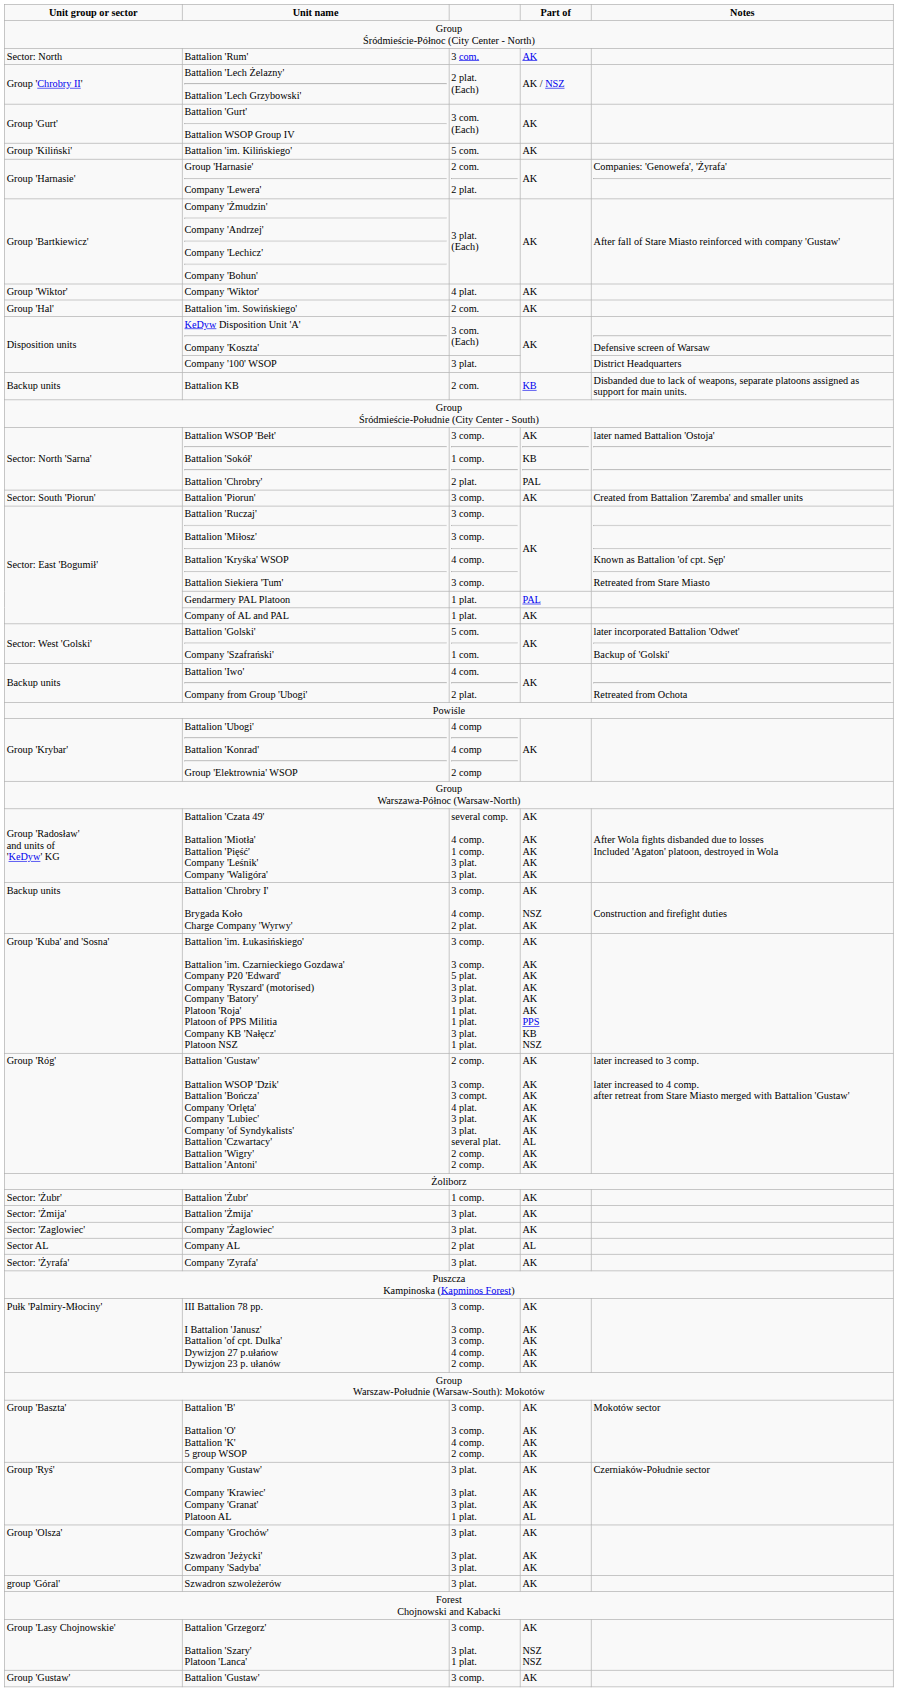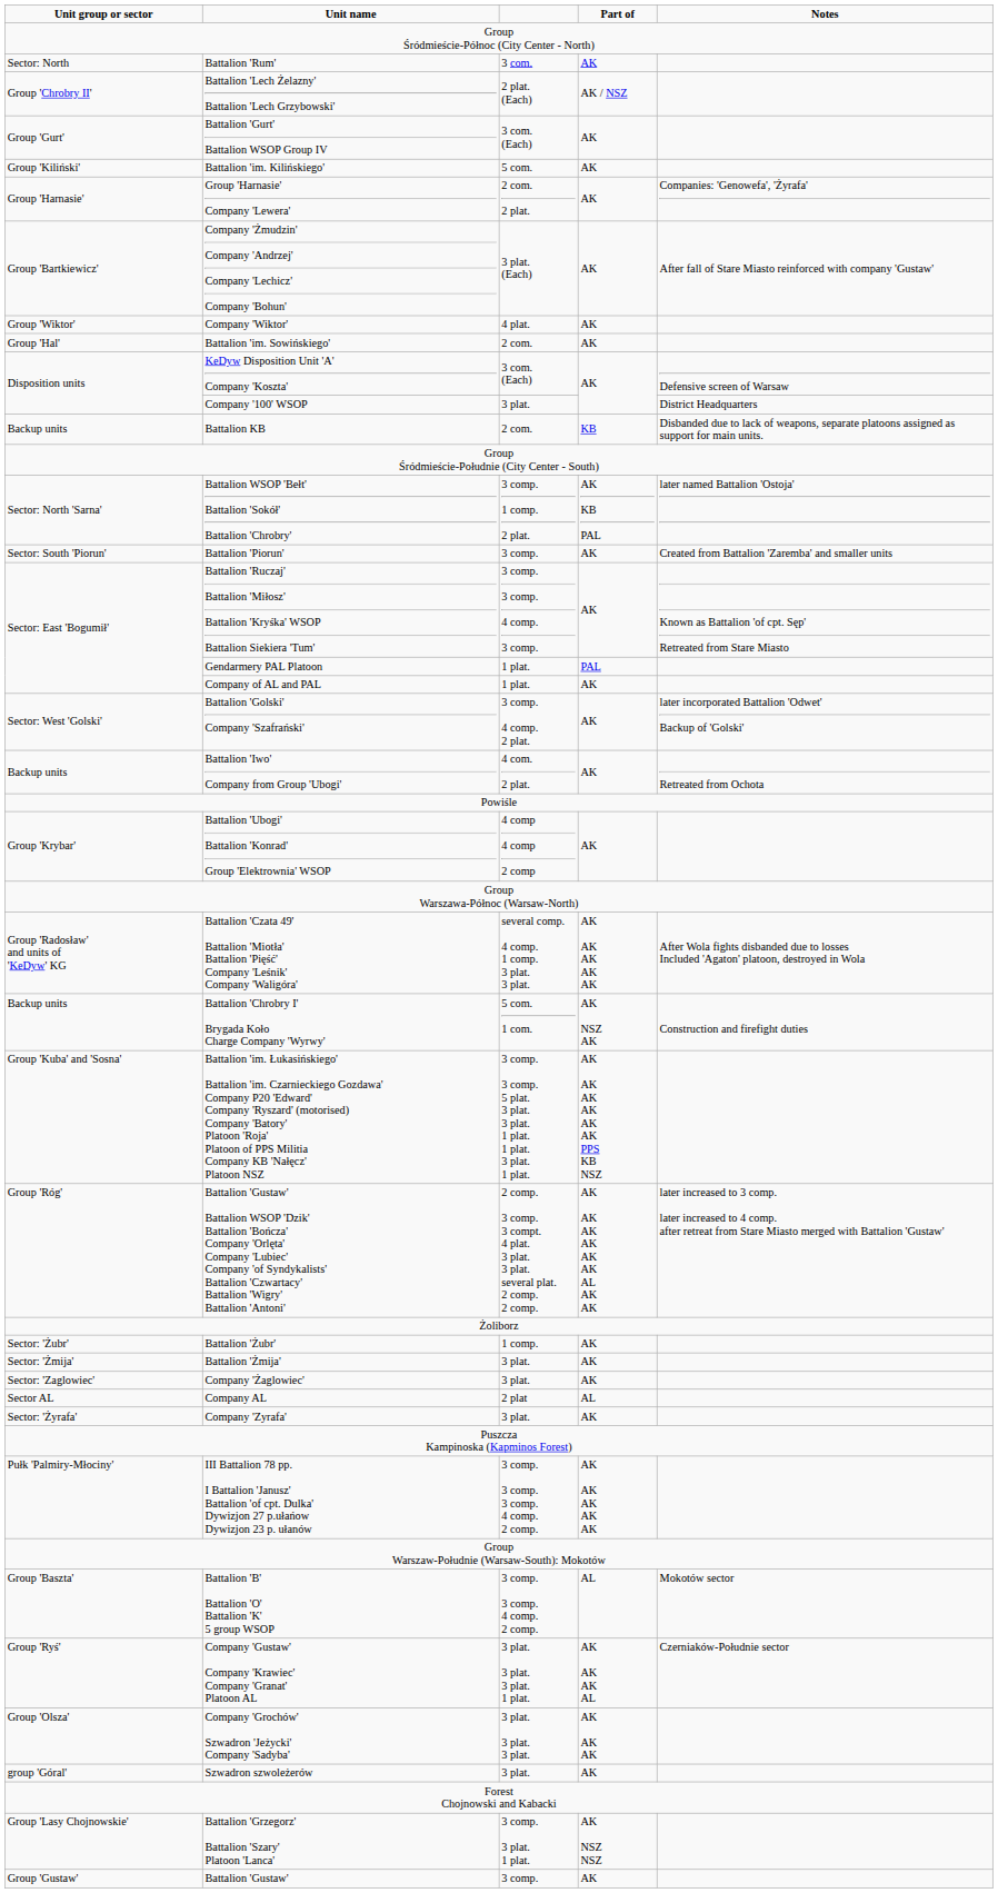 <table class="wikitable" style="width:110%">
 <tr align="center">
 <td style="width: 20%; vertical-align: center;"><strong>Unit group or sector</strong></td>
 <td style="width: 30%; vertical-align: top;"><strong>Unit name</strong></td>
 <td style="width: 8%; vertical-align: top;"><strong></strong></td>
 <td style="width: 8%; vertical-align: top;"><strong>Part of</strong></td>
 <td style="width: 34%; vertical-align: top;"><strong>Notes</strong></td>
 </tr>
 <tr align="center">
 <td colspan="5" rowspan="1" style="vertical-align: top;">Group<br>Śródmieście-Północ (City Center - North)</td>
 </tr>
 <tr>
 <td style="vertical-align: top;">Sector: North</td>
 <td style="vertical-align: top;">Battalion 'Rum'</td>
 <td style="vertical-align: top;">3 <a href='#'>com.</a></td>
 <td style="vertical-align: top;"><a href='#'>AK</a></td>
 <td style="vertical-align: top;"></td>
 </tr>
 <tr>
 <td style="vertical-align: center;">Group '<a href='#'>Chrobry II</a>'</td>
 <td style="vertical-align: top;">Battalion 'Lech Żelazny'<hr>Battalion 'Lech Grzybowski'</td>
 <td style="vertical-align: center;">2 plat.<br>(Each)</td>
 <td style="vertical-align: center;">AK / <a href='#'>NSZ</a></td>
 <td style="vertical-align: top;"></td>
 </tr>
 <tr>
 <td style="vertical-align: center;">Group 'Gurt'</td>
 <td style="vertical-align: top;">Battalion 'Gurt'<hr>Battalion WSOP Group IV</td>
 <td style="vertical-align: center;">3 com.<br>(Each)</td>
 <td style="vertical-align: center;">AK</td>
 <td style="vertical-align: top;"></td>
 </tr>
 <tr>
 <td style="vertical-align: top;">Group 'Kiliński'</td>
 <td style="vertical-align: top;">Battalion 'im. Kilińskiego'</td>
 <td style="vertical-align: center;">5 com.</td>
 <td style="vertical-align: top;">AK</td>
 <td style="vertical-align: top;"></td>
 </tr>
 <tr>
 <td style="vertical-align: center;">Group 'Harnasie'</td>
 <td style="vertical-align: top;">Group 'Harnasie'<hr>Company 'Lewera'</td>
 <td style="vertical-align: top;">2 com.<hr>2 plat.</td>
 <td style="vertical-align: center;">AK</td>
 <td style="vertical-align: top;">Companies: 'Genowefa', 'Żyrafa'<hr></td>
 </tr>
 <tr>
 <td style="vertical-align: center;">Group 'Bartkiewicz'</td>
 <td style="vertical-align: top;">Company 'Żmudzin'<hr>Company 'Andrzej'<hr>Company 'Lechicz'<hr>Company 'Bohun'</td>
 <td style="vertical-align: center;">3 plat.<br>(Each)</td>
 <td style="vertical-align: center;">AK</td>
 <td style="vertical-align: center;">After fall of Stare Miasto reinforced with company 'Gustaw'</td>
 </tr>
 <tr>
 <td style="vertical-align: top;">Group 'Wiktor'</td>
 <td style="vertical-align: top;">Company 'Wiktor'</td>
 <td style="vertical-align: top;">4 plat.</td>
 <td style="vertical-align: top;">AK</td>
 <td style="vertical-align: top;"></td>
 </tr>
 <tr>
 <td style="vertical-align: center;">Group 'Hal'</td>
 <td style="vertical-align: center;">Battalion 'im. Sowińskiego'</td>
 <td style="vertical-align: center;">2 com.</td>
 <td style="vertical-align: center;">AK</td>
 <td style="vertical-align: center;"></td>
 </tr>
 <tr>
 <td rowspan="2" style="vertical-align: center;">Disposition units</td>
 <td style="vertical-align: top;"><a href='#'>KeDyw</a> Disposition Unit 'A'<hr>Company 'Koszta'</td>
 <td style="vertical-align: center;">3 com.<br>(Each)</td>
 <td rowspan="2" style="vertical-align: center;">AK</td>
 <td style="vertical-align: top;"> <hr>Defensive screen of Warsaw</td>
 </tr>
 <tr>
 <td style="vertical-align: top;">Company '100' WSOP</td>
 <td style="vertical-align: top;">3 plat.</td>
 <td style="vertical-align: top;">District Headquarters</td>
 </tr>
 <tr>
 <td style="vertical-align: center;">Backup units</td>
 <td style="vertical-align: center;">Battalion KB</td>
 <td style="vertical-align: center;">2 com.</td>
 <td style="vertical-align: center;"><a href='#'>KB</a></td>
 <td style="vertical-align: center;">Disbanded due to lack of weapons, separate platoons assigned as support for main units.</td>
 </tr>
 <tr align="center">
 <td colspan="5" rowspan="1" style="vertical-align: top;">Group<br>Śródmieście-Południe (City Center - South)</td>
 </tr>
 <tr>
 <td style="vertical-align: center;">Sector: North 'Sarna'</td>
 <td style="vertical-align: top;">Battalion WSOP 'Bełt'<hr>Battalion 'Sokół'<hr>Battalion 'Chrobry'</td>
 <td style="vertical-align: top;">3 comp.<hr>1 comp.<hr>2 plat.</td>
 <td style="vertical-align: top;">AK<hr>KB<hr>PAL</td>
 <td style="vertical-align: top;">later named Battalion 'Ostoja'<hr> <hr></td>
 </tr>
 <tr>
 <td style="vertical-align: center;">Sector: South 'Piorun'</td>
 <td style="vertical-align: center;">Battalion 'Piorun'</td>
 <td style="vertical-align: center;">3 comp.</td>
 <td style="vertical-align: center;">AK</td>
 <td style="vertical-align: top;">Created from Battalion 'Zaremba' and smaller units</td>
 </tr>
 <tr>
 <td rowspan="3" style="vertical-align: center;">Sector: East 'Bogumił'</td>
 <td style="vertical-align: top;">Battalion 'Ruczaj'<hr>Battalion 'Miłosz'<hr>Battalion 'Kryśka' WSOP<hr>Battalion Siekiera 'Tum'</td>
 <td style="vertical-align: top;">3 comp.<hr>3 comp.<hr>4 comp.<hr>3 comp.</td>
 <td style="vertical-align: center;">AK</td>
 <td style="vertical-align: top;"> <hr> <hr>Known as Battalion 'of cpt. Sęp'<hr>Retreated from Stare Miasto</td>
 </tr>
 <tr>
 <td style="vertical-align: top;">Gendarmery PAL Platoon</td>
 <td style="vertical-align: top;">1 plat.</td>
 <td style="vertical-align: top;"><a href='#'>PAL</a></td>
 <td style="vertical-align: top;"></td>
 </tr>
 <tr>
 <td style="vertical-align: top;">Company of AL and PAL</td>
 <td style="vertical-align: top;">1 plat.</td>
 <td style="vertical-align: top;">AK<br></td>
 <td style="vertical-align: top;"></td>
 </tr>
 <tr>
 <td style="vertical-align: center;">Sector: West 'Golski'</td>
 <td style="vertical-align: top;">Battalion 'Golski'<hr>Company 'Szafrański'</td>
-<td style="vertical-align: top;">5 com.<hr>1 com.</td>
+<td style="vertical-align: top;">3 comp.<br><br>4 comp.<br> 2 plat.<br></td>
 <td style="vertical-align: center;">AK</td>
 <td style="vertical-align: top;">later incorporated Battalion 'Odwet'<hr>Backup of 'Golski'</td>
 </tr>
 <tr>
 <td style="vertical-align: center;">Backup units</td>
 <td style="vertical-align: top;">Battalion 'Iwo'<hr>Company from Group 'Ubogi'<br></td>
 <td style="vertical-align: top;">4 com.<hr>2 plat.</td>
 <td style="vertical-align: center;">AK</td>
 <td style="vertical-align: top;"> <hr>Retreated from Ochota</td>
 </tr>
 <tr align="center">
 <td colspan="5" rowspan="1" style="vertical-align: top;">Powiśle</td>
 </tr>
 <tr>
 <td style="vertical-align: center;">Group 'Krybar'</td>
 <td style="vertical-align: top;">Battalion 'Ubogi'<hr>Battalion 'Konrad'<hr>Group 'Elektrownia' WSOP</td>
 <td style="vertical-align: top;">4 comp<hr>4 comp<hr>2 comp</td>
 <td style="vertical-align: center;">AK</td>
 <td style="vertical-align: top;"></td>
 </tr>
 <tr align="center">
 <td colspan="5" rowspan="1" style="vertical-align: top;">Group<br>Warszawa-Północ (Warsaw-North)</td>
 </tr>
 <tr>
 <td style="vertical-align: center;">Group 'Radosław'<br>and units of<br>'<a href='#'>KeDyw</a>' KG</td>
 <td style="vertical-align: top;">Battalion 'Czata 49'<br><br>Battalion 'Miotła'<br> Battalion 'Pięść'<br> Company 'Leśnik'<br> Company 'Waligóra'<br></td>
 <td style="vertical-align: top;">several comp.<br><br>4 comp.<br> 1 comp.<br> 3 plat.<br> 3 plat.<br></td>
 <td style="vertical-align: top;">AK<br><br>AK<br> AK<br> AK<br> AK<br></td>
 <td style="vertical-align: top;"><br><br>After Wola fights disbanded due to losses<br> Included 'Agaton' platoon, destroyed in Wola<br> <br></td>
 </tr>
 <tr>
 <td style="vertical-align: top;">Backup units<br></td>
 <td style="vertical-align: top;">Battalion 'Chrobry I'<br><br>Brygada Koło<br> Charge Company 'Wyrwy'<br></td>
-<td style="vertical-align: top;">3 comp.<br><br>4 comp.<br> 2 plat.<br></td>
+<td style="vertical-align: top;">5 com.<hr>1 com.</td>
 <td style="vertical-align: top;">AK<br><br>NSZ<br> AK<br></td>
 <td style="vertical-align: top;"><br><br>Construction and firefight duties<br></td>
 </tr>
 <tr>
 <td style="vertical-align: top;">Group 'Kuba' and 'Sosna'<br></td>
 <td style="vertical-align: top;">Battalion 'im. Łukasińskiego'<br><br>Battalion 'im. Czarnieckiego Gozdawa'<br> Company P20 'Edward'<br> Company 'Ryszard' (motorised)<br> Company 'Batory'<br> Platoon 'Roja'<br> Platoon of PPS Militia<br> Company KB 'Nałęcz'<br> Platoon NSZ<br></td>
 <td style="vertical-align: top;">3 comp.<br><br>3 comp.<br> 5 plat.<br> 3 plat.<br> 3 plat.<br> 1 plat.<br> 1 plat.<br> 3 plat.<br> 1 plat.<br></td>
 <td style="vertical-align: top;">AK<br><br>AK<br> AK<br> AK<br> AK<br> AK<br> <a href='#'>PPS</a><br> KB<br> NSZ<br></td>
 <td style="vertical-align: top;"><br></td>
 </tr>
 <tr>
 <td style="vertical-align: top;">Group 'Róg'<br></td>
 <td style="vertical-align: top;">Battalion 'Gustaw'<br><br>Battalion WSOP 'Dzik'<br> Battalion 'Bończa'<br> Company 'Orlęta'<br> Company 'Lubiec'<br> Company 'of Syndykalists'<br> Battalion 'Czwartacy'<br> Battalion 'Wigry'<br> Battalion 'Antoni'<br></td>
 <td style="vertical-align: top;">2 comp.<br><br>3 comp.<br> 3 compt.<br> 4 plat.<br> 3 plat.<br> 3 plat.<br> several plat.<br> 2 comp.<br> 2 comp.<br></td>
 <td style="vertical-align: top;">AK<br><br>AK<br> AK<br> AK<br> AK<br> AK<br> AL<br> AK<br> AK<br></td>
 <td style="vertical-align: top;">later increased to 3 comp.<br><br> later increased to 4 comp.<br> after retreat from Stare Miasto merged with Battalion 'Gustaw'<br></td>
 </tr>
 <tr align="center">
 <td colspan="5" rowspan="1" style="vertical-align: top;">Żoliborz<br></td>
 </tr>
 <tr>
 <td style="vertical-align: top;">Sector: 'Żubr'<br></td>
 <td style="vertical-align: top;">Battalion 'Żubr'<br></td>
 <td style="vertical-align: top;">1 comp.<br></td>
 <td style="vertical-align: top;">AK<br></td>
 <td style="vertical-align: top;"><br></td>
 </tr>
 <tr>
 <td style="vertical-align: top;">Sector: 'Żmija'<br></td>
 <td style="vertical-align: top;">Battalion 'Żmija'<br></td>
 <td style="vertical-align: top;">3 plat.<br></td>
 <td style="vertical-align: top;">AK<br></td>
 <td style="vertical-align: top;"><br></td>
 </tr>
 <tr>
 <td style="vertical-align: top;">Sector: 'Zaglowiec'<br></td>
 <td style="vertical-align: top;">Company 'Żaglowiec'<br></td>
 <td style="vertical-align: top;">3 plat.<br></td>
 <td style="vertical-align: top;">AK<br></td>
 <td style="vertical-align: top;"><br></td>
 </tr>
 <tr>
 <td style="vertical-align: top;">Sector AL<br></td>
 <td style="vertical-align: top;">Company AL<br></td>
 <td style="vertical-align: top;">2 plat<br></td>
 <td style="vertical-align: top;">AL<br></td>
 <td style="vertical-align: top;"><br></td>
 </tr>
 <tr>
 <td style="vertical-align: top;">Sector: 'Żyrafa'<br></td>
 <td style="vertical-align: top;">Company 'Zyrafa'<br></td>
 <td style="vertical-align: top;">3 plat.<br></td>
 <td style="vertical-align: top;">AK<br></td>
 <td style="vertical-align: top;"><br></td>
 </tr>
 <tr align="center">
 <td colspan="5" rowspan="1" style="vertical-align: top;">Puszcza<br>Kampinoska (<a href='#'>Kapminos Forest</a>)<br></td>
 </tr>
 <tr>
 <td style="vertical-align: top;">Pułk 'Palmiry-Młociny'<br></td>
 <td style="vertical-align: top;">III Battalion 78 pp.<br><br>I Battalion 'Janusz'<br> Battalion 'of cpt. Dulka'<br> Dywizjon 27 p.ułańow<br> Dywizjon 23 p. ułanów<br></td>
 <td style="vertical-align: top;">3 comp.<br><br>3 comp.<br> 3 comp.<br> 4 comp.<br> 2 comp.<br></td>
 <td style="vertical-align: top;">AK<br><br>AK<br> AK<br> AK<br> AK<br></td>
 <td style="vertical-align: top;"><br></td>
 </tr>
 <tr align="center">
 <td colspan="5" rowspan="1" style="vertical-align: top;">Group<br>Warszaw-Południe (Warsaw-South): Mokotów<br></td>
 </tr>
 <tr>
 <td style="vertical-align: top;">Group 'Baszta'<br></td>
 <td style="vertical-align: top;">Battalion 'B'<br><br>Battalion 'O'<br> Battalion 'K'<br> 5 group WSOP<br></td>
 <td style="vertical-align: top;">3 comp.<br><br>3 comp.<br> 4 comp.<br> 2 comp.<br></td>
-<td style="vertical-align: top;">AK<br><br>AK<br> AK<br> AK<br></td>
+<td style="vertical-align: top;">AL<br></td>
 <td style="vertical-align: top;">Mokotów sector<br></td>
 </tr>
 <tr>
 <td style="vertical-align: top;">Group 'Ryś'<br></td>
 <td style="vertical-align: top;">Company 'Gustaw'<br><br>Company 'Krawiec'<br> Company 'Granat'<br> Platoon AL<br></td>
 <td style="vertical-align: top;">3 plat.<br><br>3 plat.<br> 3 plat.<br> 1 plat.<br></td>
 <td style="vertical-align: top;">AK<br><br>AK<br> AK<br> AL<br></td>
 <td style="vertical-align: top;">Czerniaków-Południe sector<br></td>
 </tr>
 <tr>
 <td style="vertical-align: top;">Group 'Olsza'<br></td>
 <td style="vertical-align: top;">Company 'Grochów'<br><br>Szwadron 'Jeżycki'<br> Company 'Sadyba'<br></td>
 <td style="vertical-align: top;">3 plat.<br><br>3 plat.<br> 3 plat.<br></td>
 <td style="vertical-align: top;">AK<br><br>AK<br> AK<br></td>
 <td style="vertical-align: top;"><br></td>
 </tr>
 <tr>
 <td style="vertical-align: top;">group 'Góral'<br></td>
 <td style="vertical-align: top;">Szwadron szwoleżerów<br></td>
 <td style="vertical-align: top;">3 plat.<br></td>
 <td style="vertical-align: top;">AK<br></td>
 <td style="vertical-align: top;"><br></td>
 </tr>
 <tr align="center">
 <td colspan="5" rowspan="1" style="vertical-align: top;">Forest<br>Chojnowski and Kabacki<br></td>
 </tr>
 <tr>
 <td style="vertical-align: top;">Group 'Lasy Chojnowskie'<br></td>
 <td style="vertical-align: top;">Battalion 'Grzegorz'<br><br>Battalion 'Szary'<br> Platoon 'Lanca'<br></td>
 <td style="vertical-align: top;">3 comp.<br><br>3 plat.<br> 1 plat.<br></td>
 <td style="vertical-align: top;">AK<br><br>NSZ<br> NSZ<br></td>
 <td style="vertical-align: top;"><br></td>
 </tr>
 <tr>
 <td style="vertical-align: top;">Group 'Gustaw'<br></td>
 <td style="vertical-align: top;">Battalion 'Gustaw'<br></td>
 <td style="vertical-align: top;">3 comp.<br></td>
 <td style="vertical-align: top;">AK<br></td>
 <td style="vertical-align: top;"><br></td>
 </tr>
 </table>
